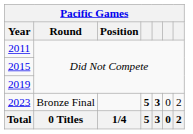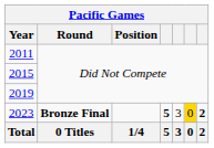 <table class="wikitable" style="text-align: center;">
 <tr>
 <th colspan="7"><a href='#'>Pacific Games</a></th>
 </tr>
 <tr>
 <th>Year</th>
 <th>Round</th>
 <th>Position</th>
 <th></th>
 <th></th>
 <th></th>
 <th></th>
 </tr>
 <tr>
 <td> <a href='#'>2011</a></td>
 <td colspan="6" rowspan="3"><em>Did Not Compete</em></td>
 </tr>
 <tr>
 <td> <a href='#'>2015</a></td>
 </tr>
 <tr>
 <td> <a href='#'>2019</a></td>
 </tr>
 <tr>
 <td> <a href='#'>2023</a></td>
-<td>Bronze Final</td>
+<td><strong>Bronze Final</strong></td>
 <td></td>
 <td><strong>5</strong></td>
-<td><strong>3</strong></td>
-<td>0</td>
-<td>2</td>
+<td>3</td>
+<td style="background: gold;">0</td>
+<td><strong>2</strong></td>
 </tr>
 <tr>
 <th>Total</th>
 <th>0 Titles</th>
 <th>1/4</th>
 <th>5</th>
 <th>3</th>
 <th>0</th>
 <th>2</th>
 </tr>
 </table>
